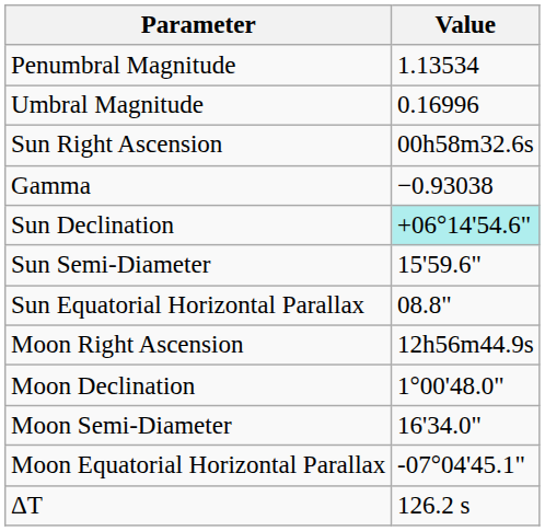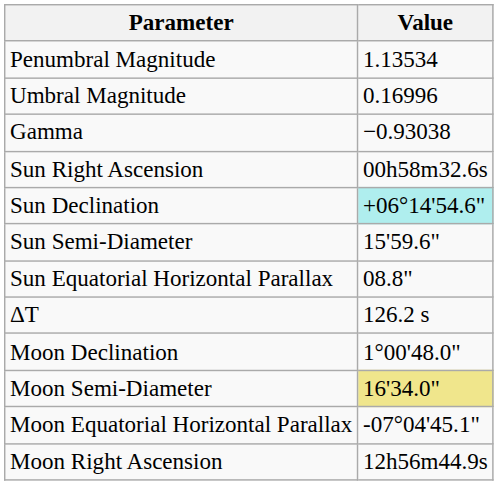 <table class="wikitable">
 <tr>
 <th>Parameter</th>
 <th>Value</th>
 </tr>
 <tr>
 <td>Penumbral Magnitude</td>
 <td>1.13534</td>
 </tr>
 <tr>
 <td>Umbral Magnitude</td>
 <td>0.16996</td>
 </tr>
 <tr>
+<td>Gamma</td>
+<td>−0.93038</td>
+</tr>
+<tr>
 <td>Sun Right Ascension</td>
 <td>00h58m32.6s</td>
-</tr>
-<tr>
-<td>Gamma</td>
-<td>−0.93038</td>
 </tr>
 <tr>
 <td>Sun Declination</td>
 <td style="background: paleturquoise;">+06°14'54.6"</td>
 </tr>
 <tr>
 <td>Sun Semi-Diameter</td>
 <td>15'59.6"</td>
 </tr>
 <tr>
 <td>Sun Equatorial Horizontal Parallax</td>
 <td>08.8"</td>
 </tr>
 <tr>
-<td>Moon Right Ascension</td>
-<td>12h56m44.9s</td>
+<td>ΔT</td>
+<td>126.2 s</td>
 </tr>
 <tr>
 <td>Moon Declination</td>
 <td>1°00'48.0"</td>
 </tr>
 <tr>
 <td>Moon Semi-Diameter</td>
-<td>16'34.0"</td>
+<td style="background: khaki;">16'34.0"</td>
 </tr>
 <tr>
 <td>Moon Equatorial Horizontal Parallax</td>
 <td>-07°04'45.1"</td>
 </tr>
 <tr>
-<td>ΔT</td>
-<td>126.2 s</td>
+<td>Moon Right Ascension</td>
+<td>12h56m44.9s</td>
 </tr>
 </table>
